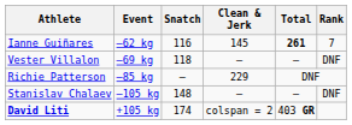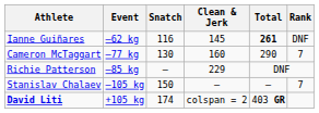 <table class="wikitable" style="text-align:center; font-size:90%">
 <tr>
 <th>Athlete</th>
 <th>Event</th>
 <th>Snatch</th>
 <th>Clean &<br>Jerk</th>
 <th>Total</th>
 <th>Rank</th>
 </tr>
 <tr>
 <td style="text-align:left;"><a href='#'>Ianne Guiñares</a></td>
 <td style="text-align:left;"><a href='#'>–62 kg</a></td>
 <td>116</td>
 <td>145</td>
 <td><strong>261</strong></td>
-<td>7</td>
+<td>DNF</td>
 </tr>
 <tr>
-<td style="text-align:left;"><a href='#'>Vester Villalon</a></td>
-<td style="text-align:left;"><a href='#'>–69 kg</a></td>
-<td>118</td>
-<td>–</td>
-<td>–</td>
-<td>DNF</td>
+<td style="text-align:left;"><a href='#'>Cameron McTaggart</a></td>
+<td style="text-align:left;"><a href='#'>–77 kg</a></td>
+<td>130</td>
+<td>160</td>
+<td>290</td>
+<td>7</td>
 </tr>
 <tr>
 <td style="text-align:left;"><a href='#'>Richie Patterson</a></td>
 <td style="text-align:left;"><a href='#'>–85 kg</a></td>
 <td>–</td>
 <td>229</td>
 <td colspan = 2>DNF</td>
 </tr>
 <tr>
 <td style="text-align:left;"><a href='#'>Stanislav Chalaev</a></td>
 <td style="text-align:left;"><a href='#'>–105 kg</a></td>
-<td>148</td>
+<td>150</td>
 <td>–</td>
 <td>–</td>
-<td>DNF</td>
+<td>7</td>
 </tr>
 <tr>
 <td style="text-align:left;"><strong><a href='#'>David Liti</a></strong></td>
 <td style="text-align:left;"><a href='#'>+105 kg</a></td>
 <td>174</td>
 <td>colspan = 2 </td>
 <td>403 <strong>GR</strong></td>
 <td></td>
 </tr>
 </table>
